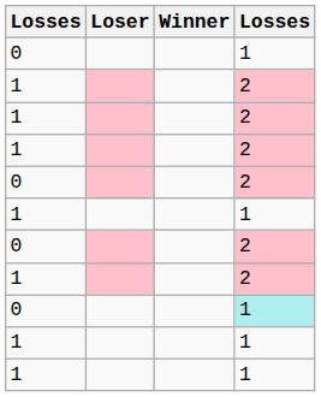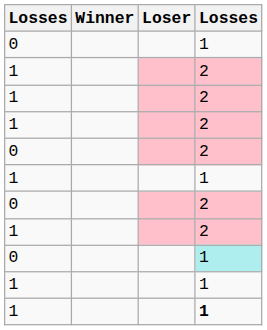 <table class=wikitable>
 <tr>
 <th>Losses</th>
+<th>Winner</th>
 <th>Loser</th>
-<th>Winner</th>
 <th>Losses</th>
 </tr>
 <tr>
 <td>0</td>
 <td></td>
 <td></td>
 <td>1</td>
 </tr>
 <tr>
 <td>1</td>
+<td></td>
 <td bgcolor=pink></td>
-<td></td>
 <td bgcolor=pink>2</td>
 </tr>
 <tr>
 <td>1</td>
+<td></td>
 <td bgcolor=pink></td>
-<td></td>
 <td bgcolor=pink>2</td>
 </tr>
 <tr>
 <td>1</td>
+<td></td>
 <td bgcolor=pink></td>
-<td></td>
 <td bgcolor=pink>2</td>
 </tr>
 <tr>
 <td>0</td>
+<td></td>
 <td bgcolor=pink></td>
-<td></td>
 <td bgcolor=pink>2</td>
 </tr>
 <tr>
 <td>1</td>
 <td></td>
 <td></td>
 <td>1</td>
 </tr>
 <tr>
 <td>0</td>
+<td></td>
 <td bgcolor=pink></td>
-<td></td>
 <td bgcolor=pink>2</td>
 </tr>
 <tr>
 <td>1</td>
+<td></td>
 <td bgcolor=pink></td>
-<td></td>
 <td bgcolor=pink>2</td>
 </tr>
 <tr>
 <td>0</td>
 <td></td>
 <td></td>
 <td style="background: paleturquoise;">1</td>
 </tr>
 <tr>
 <td>1</td>
 <td></td>
 <td></td>
 <td>1</td>
 </tr>
 <tr>
 <td>1</td>
 <td></td>
 <td></td>
-<td>1</td>
+<td><strong>1</strong></td>
 </tr>
 </table>
